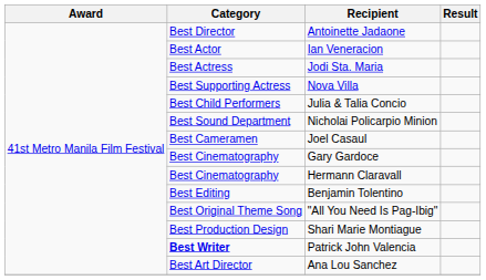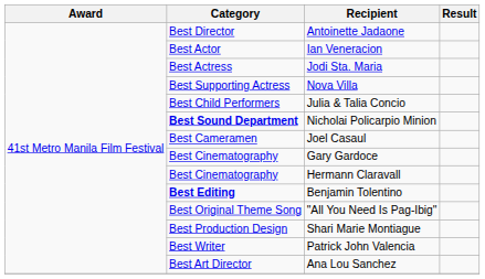 <table class="wikitable">
 <tr>
 <th>Award</th>
 <th>Category</th>
 <th>Recipient</th>
 <th>Result</th>
 </tr>
 <tr>
 <td rowspan="14"><a href='#'>41st Metro Manila Film Festival</a></td>
 <td><a href='#'>Best Director</a></td>
 <td><a href='#'>Antoinette Jadaone</a></td>
 <td></td>
 </tr>
 <tr>
 <td><a href='#'>Best Actor</a></td>
 <td><a href='#'>Ian Veneracion</a></td>
 <td></td>
 </tr>
 <tr>
 <td><a href='#'>Best Actress</a></td>
 <td><a href='#'>Jodi Sta. Maria</a></td>
 <td></td>
 </tr>
 <tr>
 <td><a href='#'>Best Supporting Actress</a></td>
 <td><a href='#'>Nova Villa</a></td>
 <td></td>
 </tr>
 <tr>
 <td><a href='#'>Best Child Performers</a></td>
 <td>Julia & Talia Concio</td>
 <td></td>
 </tr>
 <tr>
-<td><a href='#'>Best Sound Department</a></td>
+<td><strong><a href='#'>Best Sound Department</a></strong></td>
 <td>Nicholai Policarpio Minion</td>
 <td></td>
 </tr>
 <tr>
 <td><a href='#'>Best Cameramen</a></td>
 <td>Joel Casaul</td>
 <td></td>
 </tr>
 <tr>
 <td><a href='#'>Best Cinematography</a></td>
 <td>Gary Gardoce</td>
 <td></td>
 </tr>
 <tr>
 <td><a href='#'>Best Cinematography</a></td>
 <td>Hermann Claravall</td>
 <td></td>
 </tr>
 <tr>
-<td><a href='#'>Best Editing</a></td>
+<td><strong><a href='#'>Best Editing</a></strong></td>
 <td>Benjamin Tolentino</td>
 <td></td>
 </tr>
 <tr>
 <td><a href='#'>Best Original Theme Song</a></td>
 <td>"All You Need Is Pag-Ibig"</td>
 <td></td>
 </tr>
 <tr>
 <td><a href='#'>Best Production Design</a></td>
 <td>Shari Marie Montiague</td>
 <td></td>
 </tr>
 <tr>
-<td><strong><a href='#'>Best Writer</a></strong></td>
+<td><a href='#'>Best Writer</a></td>
 <td>Patrick John Valencia</td>
 <td></td>
 </tr>
 <tr>
 <td><a href='#'>Best Art Director</a></td>
 <td>Ana Lou Sanchez</td>
 <td></td>
 </tr>
 <tr>
 </tr>
 </table>
